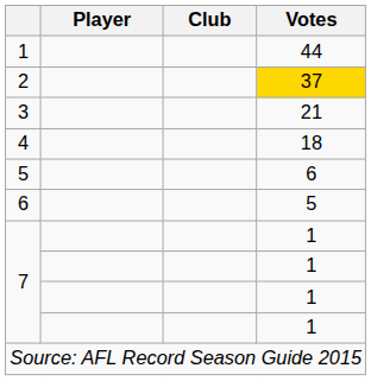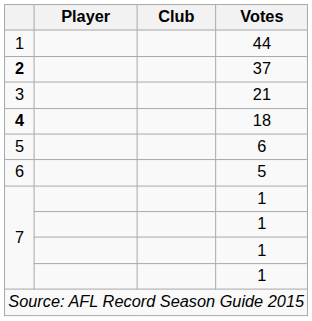 <table class="wikitable sortable" style="text-align:center">
 <tr>
 <th></th>
 <th>Player</th>
 <th>Club</th>
 <th>Votes</th>
 </tr>
 <tr>
 <td>1</td>
 <td></td>
 <td></td>
 <td>44</td>
 </tr>
 <tr>
-<td>2</td>
+<td><strong>2</strong></td>
 <td></td>
 <td></td>
-<td style="background: gold;">37</td>
+<td>37</td>
 </tr>
 <tr>
 <td>3</td>
 <td></td>
 <td></td>
 <td>21</td>
 </tr>
 <tr>
-<td>4</td>
+<td><strong>4</strong></td>
 <td></td>
 <td></td>
 <td>18</td>
 </tr>
 <tr>
 <td>5</td>
 <td></td>
 <td></td>
 <td>6</td>
 </tr>
 <tr>
 <td>6</td>
 <td></td>
 <td></td>
 <td>5</td>
 </tr>
 <tr>
 <td rowspan=4>7</td>
 <td></td>
 <td></td>
 <td>1</td>
 </tr>
 <tr>
 <td></td>
 <td></td>
 <td>1</td>
 </tr>
 <tr>
 <td></td>
 <td></td>
 <td>1</td>
 </tr>
 <tr>
 <td></td>
 <td></td>
 <td>1</td>
 </tr>
 <tr class="sortbottom">
 <td colspan=4><em>Source: AFL Record Season Guide 2015</em></td>
 </tr>
 </table>
